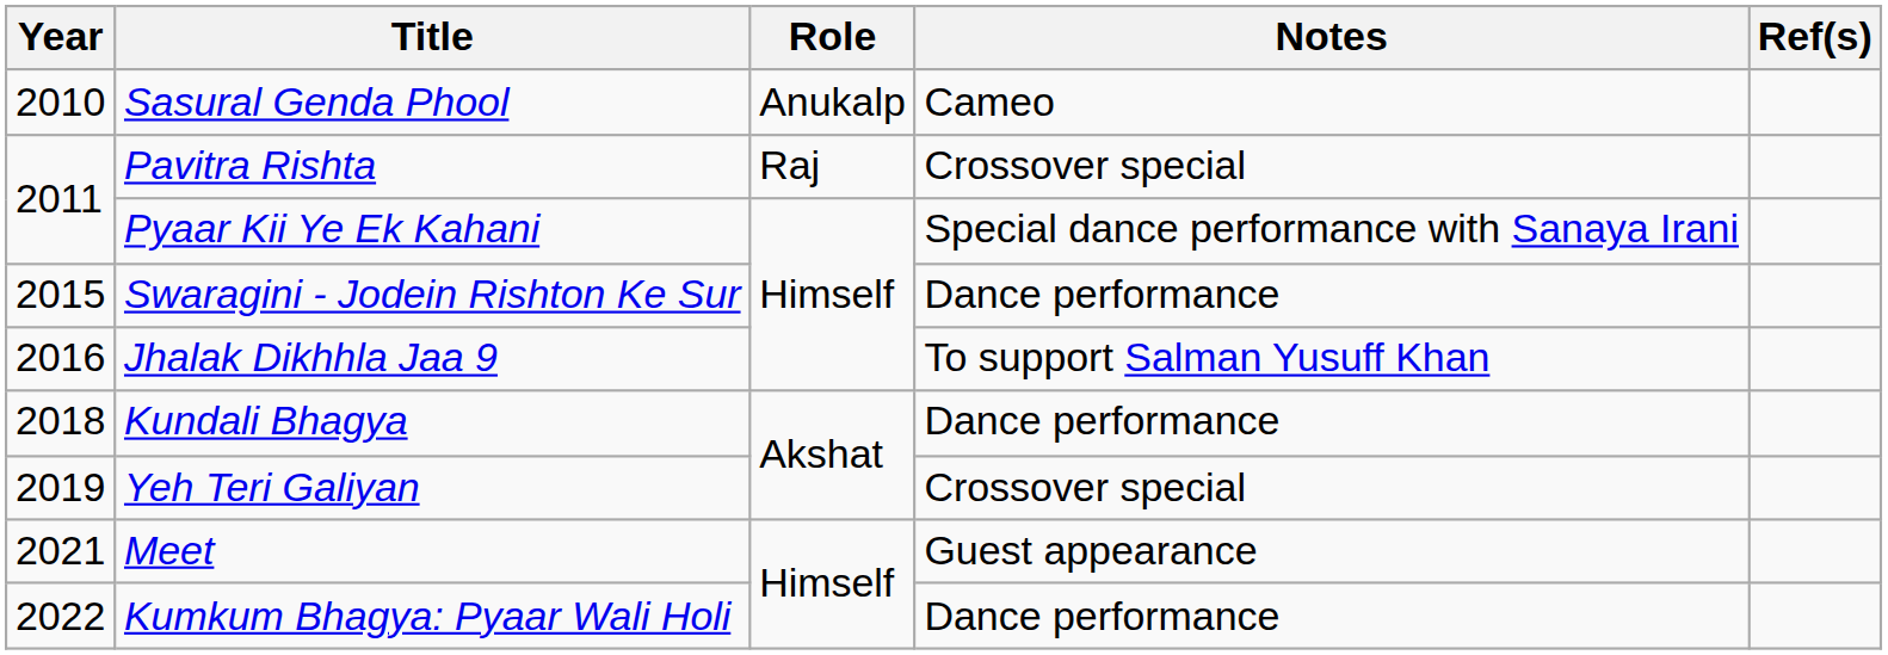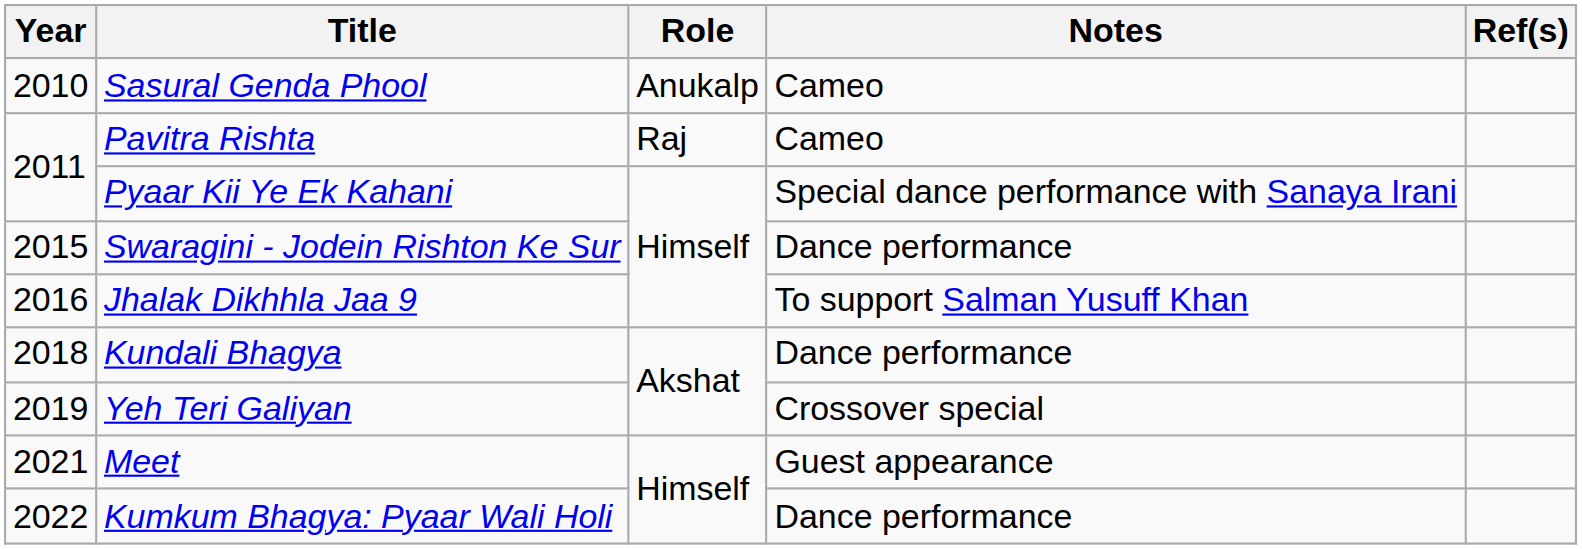 <table class="wikitable">
 <tr>
 <th>Year</th>
 <th>Title</th>
 <th>Role</th>
 <th>Notes</th>
 <th>Ref(s)</th>
 </tr>
 <tr>
 <td>2010</td>
 <td><em><a href='#'>Sasural Genda Phool</a></em></td>
 <td>Anukalp</td>
 <td>Cameo</td>
 <td></td>
 </tr>
 <tr>
 <td rowspan="2">2011</td>
 <td><em><a href='#'>Pavitra Rishta</a></em></td>
 <td>Raj</td>
-<td>Crossover special</td>
+<td>Cameo</td>
 <td></td>
 </tr>
 <tr>
 <td><em><a href='#'>Pyaar Kii Ye Ek Kahani</a></em></td>
 <td rowspan="3">Himself</td>
 <td>Special dance performance with <a href='#'>Sanaya Irani</a></td>
 <td></td>
 </tr>
 <tr>
 <td>2015</td>
 <td><em><a href='#'>Swaragini - Jodein Rishton Ke Sur</a></em></td>
 <td>Dance performance</td>
 <td></td>
 </tr>
 <tr>
 <td>2016</td>
 <td><em><a href='#'>Jhalak Dikhhla Jaa 9</a></em></td>
 <td>To support <a href='#'>Salman Yusuff Khan</a></td>
 <td></td>
 </tr>
 <tr>
 <td>2018</td>
 <td><em><a href='#'>Kundali Bhagya</a></em></td>
 <td rowspan="2">Akshat</td>
 <td>Dance performance</td>
 <td></td>
 </tr>
 <tr>
 <td>2019</td>
 <td><em><a href='#'>Yeh Teri Galiyan</a></em></td>
 <td>Crossover special</td>
 <td></td>
 </tr>
 <tr>
 <td>2021</td>
 <td><em><a href='#'>Meet</a></em></td>
 <td rowspan="2">Himself</td>
 <td>Guest appearance</td>
 <td></td>
 </tr>
 <tr>
 <td>2022</td>
 <td><em><a href='#'>Kumkum Bhagya: Pyaar Wali Holi</a></em></td>
 <td>Dance performance</td>
 <td></td>
 </tr>
 </table>
